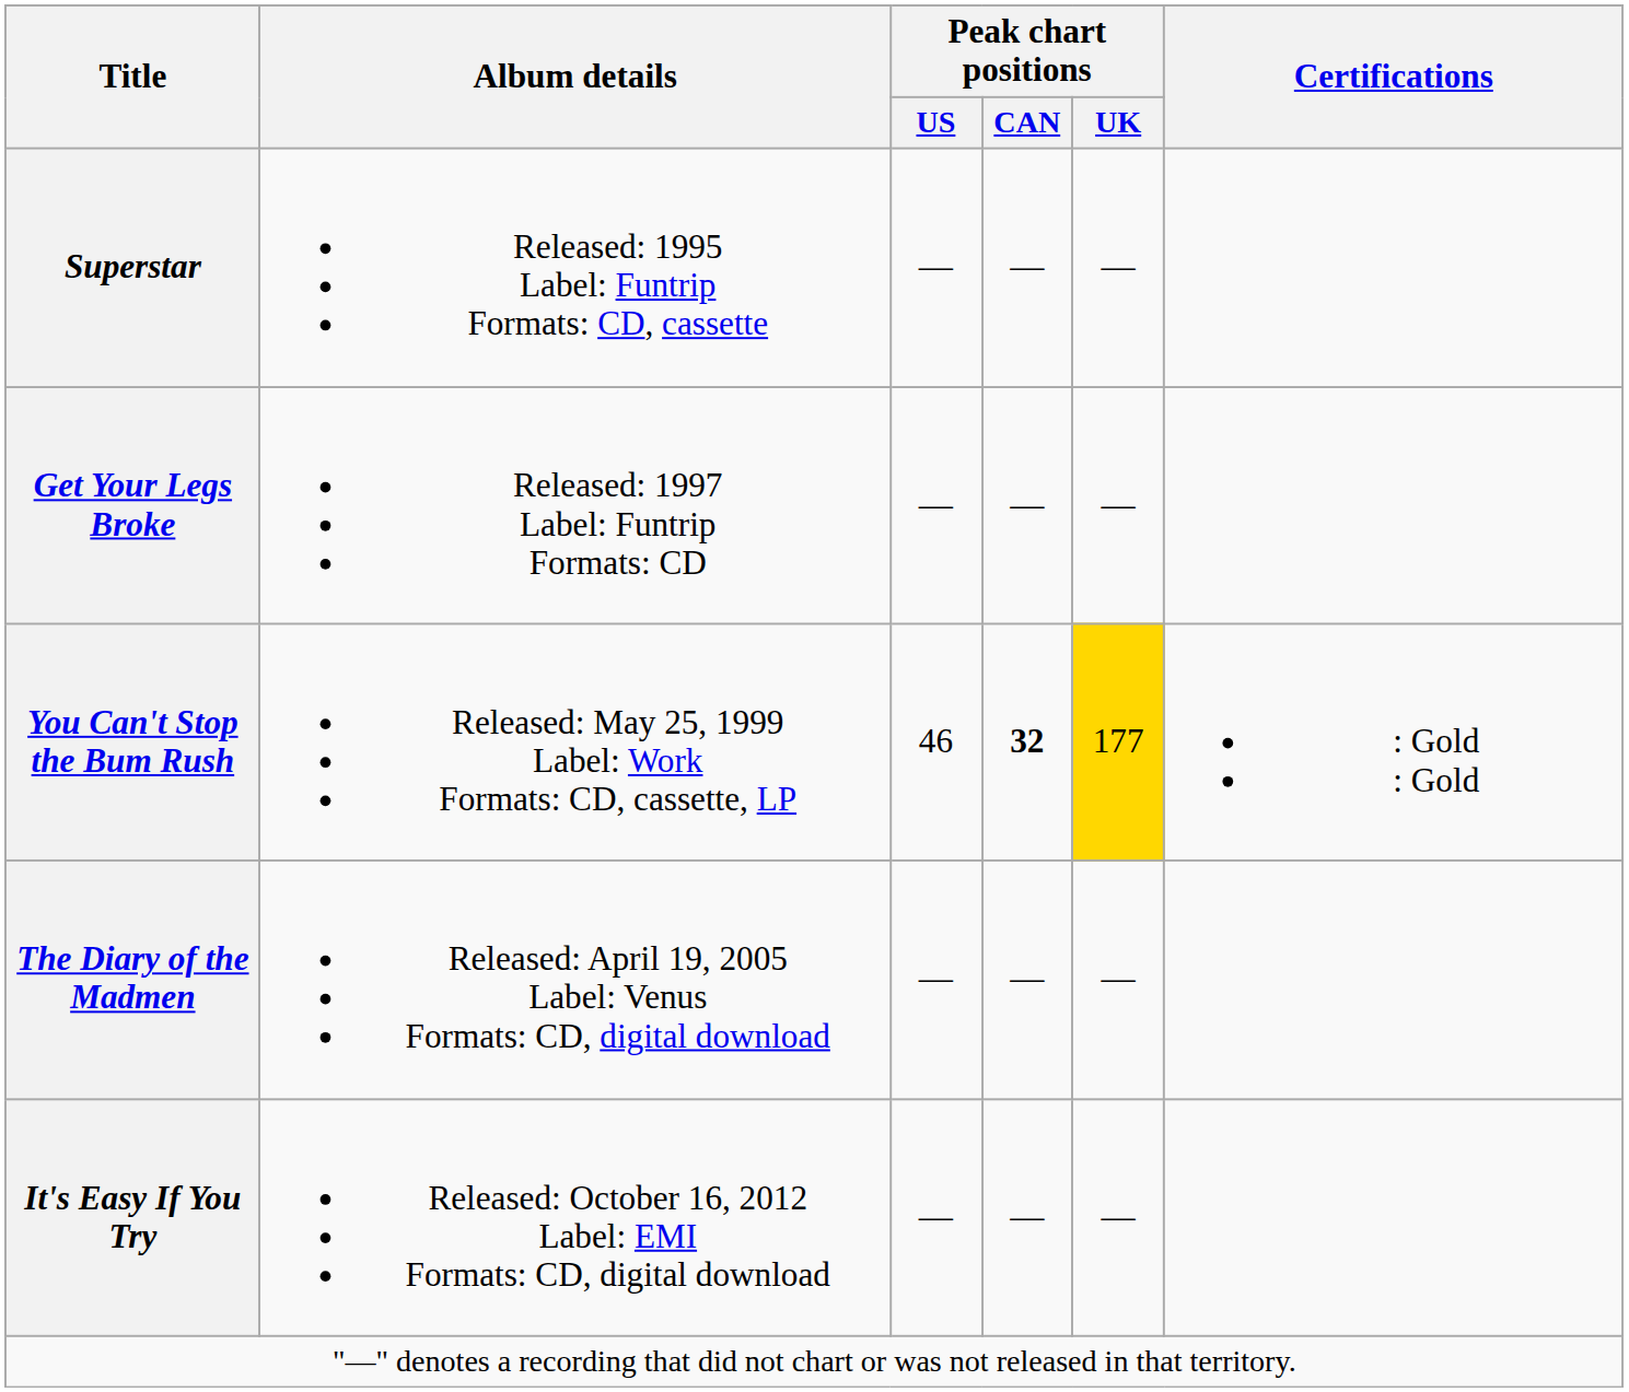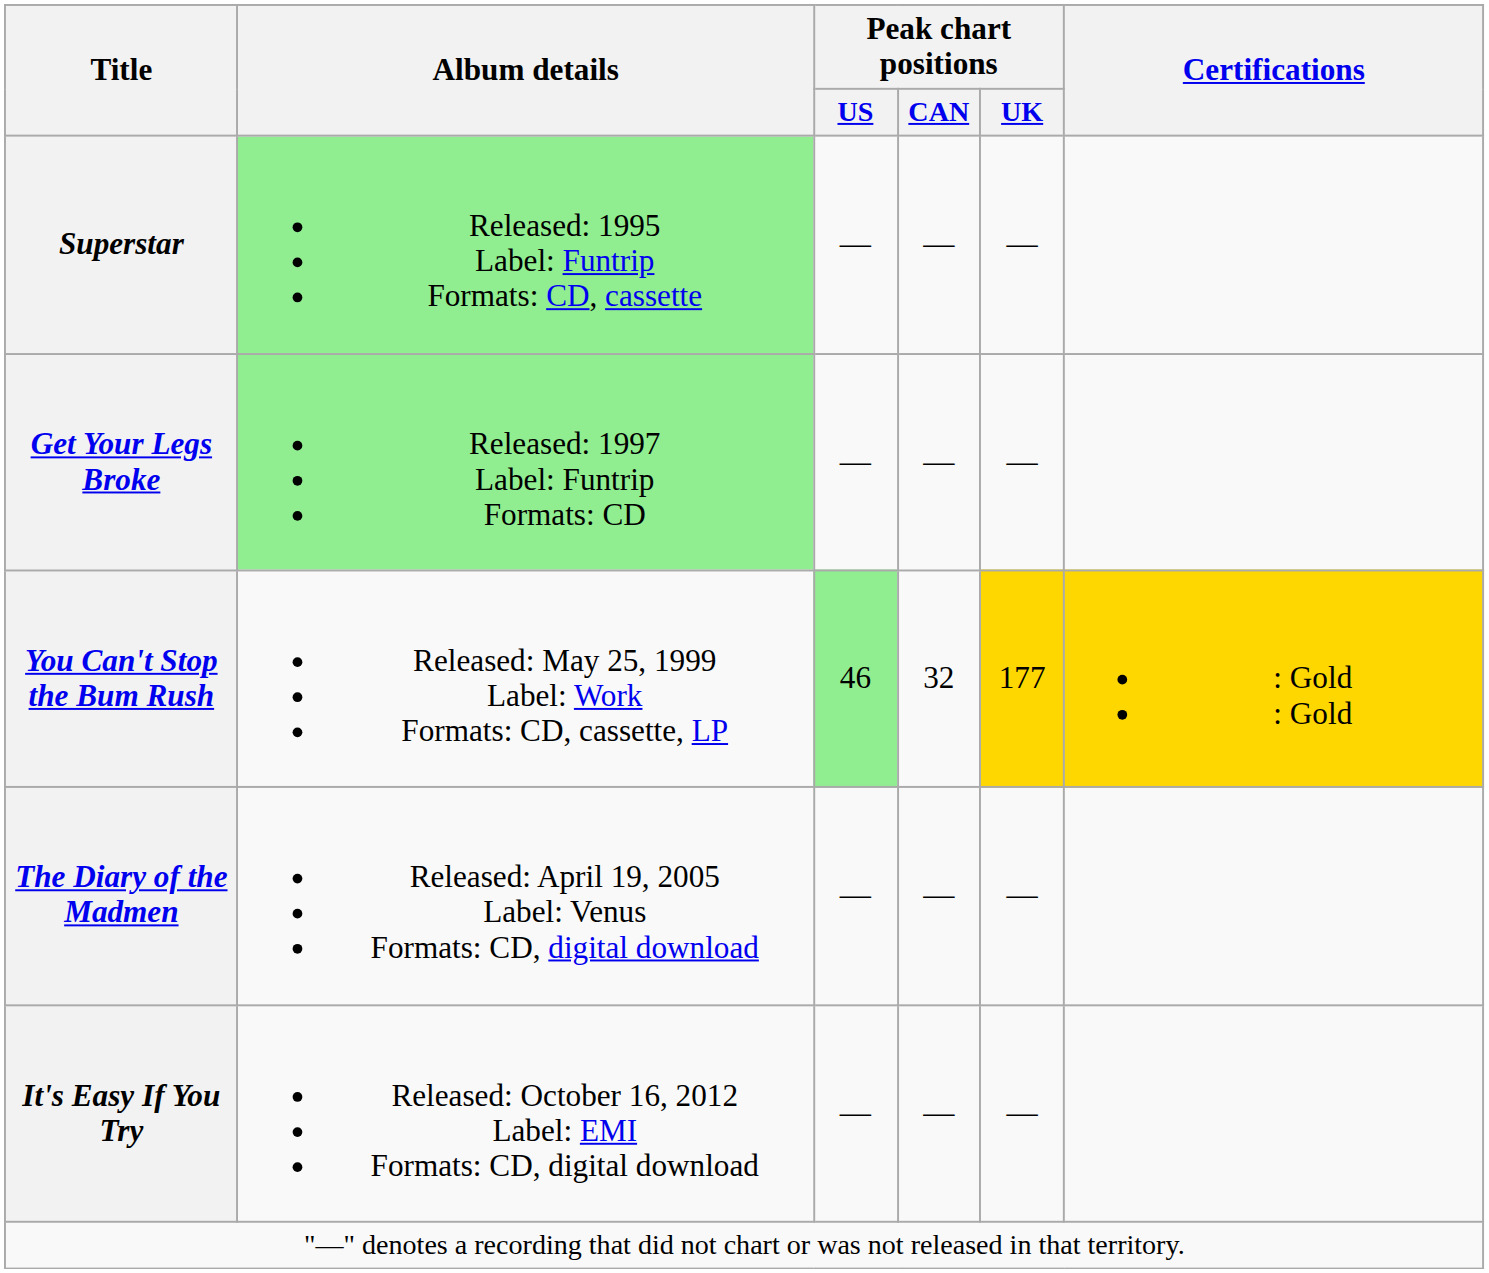 <table class="wikitable plainrowheaders" style="text-align:center;">
 <tr>
 <th scope="col" rowspan="2" style="width:7em;">Title</th>
 <th scope="col" rowspan="2" style="width:18em;">Album details</th>
 <th scope="col" colspan="3">Peak chart positions</th>
 <th scope="col" rowspan="2" style="width:13em;"><a href='#'>Certifications</a></th>
 </tr>
 <tr>
 <th scope="col" style="width:2.5em;font-size:90%;"><a href='#'>US</a><br></th>
 <th scope="col" style="width:2.5em;font-size:90%;"><a href='#'>CAN</a><br></th>
 <th scope="col" style="width:2.5em;font-size:90%;"><a href='#'>UK</a><br></th>
 </tr>
 <tr>
 <th scope="row"><em>Superstar</em></th>
-<td><br><ul><li>Released: 1995</li><li>Label: <a href='#'>Funtrip</a></li><li>Formats: <a href='#'>CD</a>, <a href='#'>cassette</a></li></ul></td>
+<td style="background: lightgreen;"><br><ul><li>Released: 1995</li><li>Label: <a href='#'>Funtrip</a></li><li>Formats: <a href='#'>CD</a>, <a href='#'>cassette</a></li></ul></td>
 <td>—</td>
 <td>—</td>
 <td>—</td>
 <td></td>
 </tr>
 <tr>
 <th scope="row"><em><a href='#'>Get Your Legs Broke</a></em></th>
-<td><br><ul><li>Released: 1997</li><li>Label: Funtrip</li><li>Formats: CD</li></ul></td>
+<td style="background: lightgreen;"><br><ul><li>Released: 1997</li><li>Label: Funtrip</li><li>Formats: CD</li></ul></td>
 <td>—</td>
 <td>—</td>
 <td>—</td>
 <td></td>
 </tr>
 <tr>
 <th scope="row"><em><a href='#'>You Can't Stop the Bum Rush</a></em></th>
 <td><br><ul><li>Released: May 25, 1999</li><li>Label: <a href='#'>Work</a></li><li>Formats: CD, cassette, <a href='#'>LP</a></li></ul></td>
-<td>46</td>
-<td><strong>32</strong></td>
+<td style="background: lightgreen;">46</td>
+<td>32</td>
 <td style="background: gold;">177</td>
-<td><br><ul><li><a href='#'></a>: Gold</li><li><a href='#'></a>: Gold</li></ul></td>
+<td style="background: gold;"><br><ul><li><a href='#'></a>: Gold</li><li><a href='#'></a>: Gold</li></ul></td>
 </tr>
 <tr>
 <th scope="row"><em><a href='#'>The Diary of the Madmen</a></em></th>
 <td><br><ul><li>Released: April 19, 2005</li><li>Label: Venus</li><li>Formats: CD, <a href='#'>digital download</a></li></ul></td>
 <td>—</td>
 <td>—</td>
 <td>—</td>
 <td></td>
 </tr>
 <tr>
 <th scope="row"><em>It's Easy If You Try</em></th>
 <td><br><ul><li>Released: October 16, 2012</li><li>Label: <a href='#'>EMI</a></li><li>Formats: CD, digital download</li></ul></td>
 <td>—</td>
 <td>—</td>
 <td>—</td>
 <td></td>
 </tr>
 <tr>
 <td colspan="17" style="font-size:90%">"—" denotes a recording that did not chart or was not released in that territory.</td>
 </tr>
 </table>
